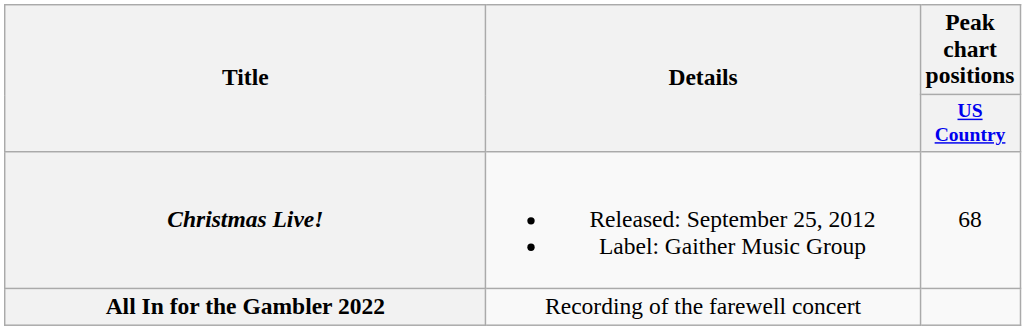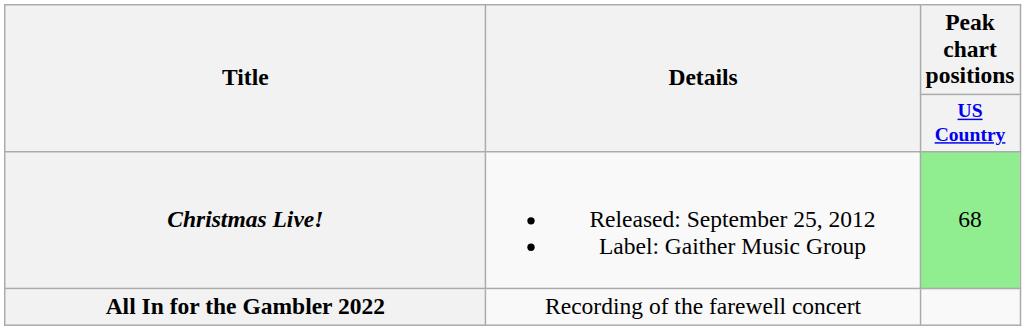 <table class="wikitable plainrowheaders" style="text-align:center;">
 <tr>
 <th rowspan="2" style="width:20em;">Title</th>
 <th rowspan="2" style="width:18em;">Details</th>
 <th colspan="1">Peak<br>chart<br>positions</th>
 </tr>
 <tr style="font-size:smaller;">
 <th width="45"><a href='#'>US<br>Country</a><br></th>
 </tr>
 <tr>
 <th scope="row"><em>Christmas Live!</em></th>
 <td><br><ul><li>Released: September 25, 2012</li><li>Label: Gaither Music Group</li></ul></td>
-<td>68</td>
+<td style="background: lightgreen;">68</td>
 </tr>
 <tr>
 <th>All In for the Gambler 2022</th>
 <td>Recording of the farewell concert</td>
 <td></td>
 </tr>
 </table>
